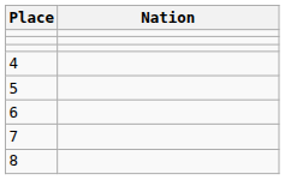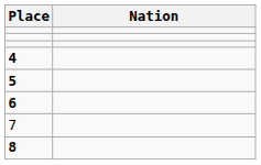 <table class=wikitable style=text-align:left>
 <tr>
 <th width=35>Place</th>
 <th width=185>Nation</th>
 </tr>
 <tr>
 <td></td>
 <td style=text-align:left></td>
 </tr>
 <tr>
 <td></td>
 <td style=text-align:left></td>
 </tr>
 <tr>
 <td></td>
 <td style=text-align:left></td>
 </tr>
 <tr>
-<td style=text-align:left>4</td>
+<td style=text-align:left><strong>4</strong></td>
 <td></td>
 </tr>
 <tr>
-<td style=text-align:left>5</td>
+<td style=text-align:left><strong>5</strong></td>
 <td></td>
 </tr>
 <tr>
-<td style=text-align:left>6</td>
+<td style=text-align:left><strong>6</strong></td>
 <td></td>
 </tr>
 <tr>
 <td style=text-align:left>7</td>
 <td></td>
 </tr>
 <tr>
-<td style=text-align:left>8</td>
+<td style=text-align:left><strong>8</strong></td>
 <td></td>
 </tr>
 </table>
